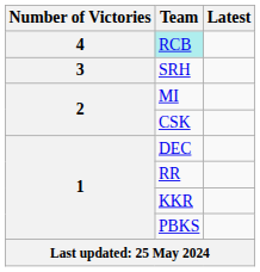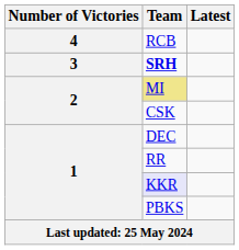 <table class="wikitable">
 <tr>
 <th>Number of Victories</th>
 <th>Team</th>
 <th>Latest</th>
 </tr>
 <tr>
 <th>4</th>
-<td style="background: paleturquoise;"><a href='#'>RCB</a></td>
+<td><a href='#'>RCB</a></td>
 <td></td>
 </tr>
 <tr>
 <th>3</th>
-<td><a href='#'>SRH</a></td>
+<td><strong><a href='#'>SRH</a></strong></td>
 <td></td>
 </tr>
 <tr>
 <th rowspan=2>2</th>
-<td><a href='#'>MI</a></td>
+<td style="background: khaki;"><a href='#'>MI</a></td>
 <td></td>
 </tr>
 <tr>
 <td><a href='#'>CSK</a></td>
 <td></td>
 </tr>
 <tr>
 <th rowspan=4>1</th>
 <td><a href='#'>DEC</a></td>
 <td></td>
 </tr>
 <tr>
 <td><a href='#'>RR</a></td>
 <td></td>
 </tr>
 <tr>
-<td><a href='#'>KKR</a></td>
+<td style="background: lavender;"><a href='#'>KKR</a></td>
 <td></td>
 </tr>
 <tr>
 <td><a href='#'>PBKS</a></td>
 <td></td>
 </tr>
 <tr class="sortbottom">
 <th colspan="4"><small>Last updated: 25 May 2024</small></th>
 </tr>
 </table>
